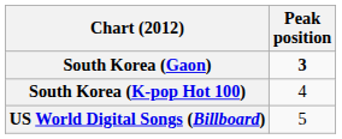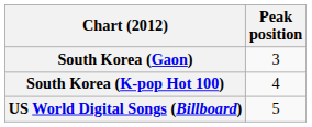 <table class="wikitable plainrowheaders sortable">
 <tr>
 <th>Chart (2012)</th>
 <th>Peak<br>position</th>
 </tr>
 <tr>
 <th scope=row>South Korea (<a href='#'>Gaon</a>)</th>
-<td align="center"><strong>3</strong></td>
+<td align="center">3</td>
 </tr>
 <tr>
 <th scope=row>South Korea (<a href='#'>K-pop Hot 100</a>)</th>
 <td align="center">4</td>
 </tr>
 <tr>
 <th scope=row>US <a href='#'>World Digital Songs</a> (<em><a href='#'>Billboard</a></em>)</th>
 <td align="center">5</td>
 </tr>
 </table>
